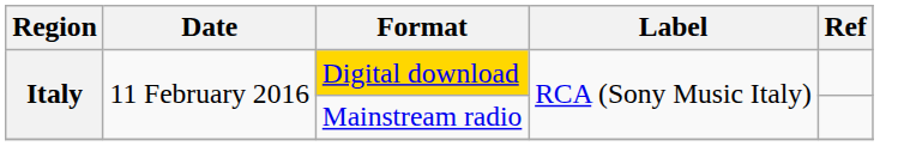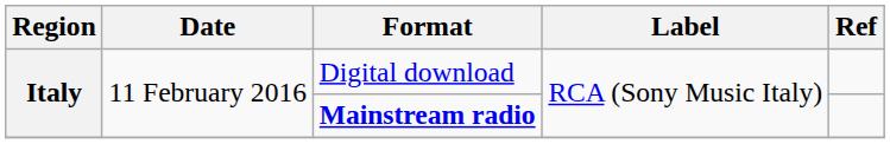 <table class="wikitable plainrowheaders">
 <tr>
 <th scope="col">Region</th>
 <th scope="col">Date</th>
 <th scope="col">Format</th>
 <th scope="col">Label</th>
 <th scope="col">Ref</th>
 </tr>
 <tr>
 <th scope="row" rowspan="2">Italy</th>
 <td rowspan="2">11 February 2016</td>
-<td style="background: gold;"><a href='#'>Digital download</a></td>
+<td><a href='#'>Digital download</a></td>
 <td rowspan="2"><a href='#'>RCA</a> (Sony Music Italy)</td>
 <td></td>
 </tr>
 <tr>
-<td><a href='#'>Mainstream radio</a></td>
+<td><strong><a href='#'>Mainstream radio</a></strong></td>
 <td></td>
 </tr>
 <tr>
 </tr>
 </table>
